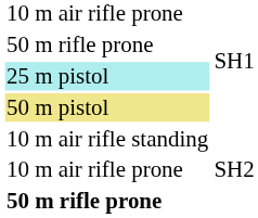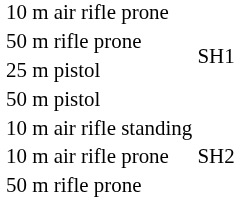 <table>
 <tr>
 <td>10 m air rifle prone<br></td>
 <td rowspan=4>SH1</td>
 <td></td>
 <td></td>
 <td></td>
 </tr>
 <tr>
 <td>50 m rifle prone<br></td>
 <td></td>
 <td></td>
 <td></td>
 </tr>
 <tr>
-<td style="background: paleturquoise;">25 m pistol<br></td>
+<td>25 m pistol<br></td>
 <td></td>
 <td></td>
 <td></td>
 </tr>
 <tr>
-<td style="background: khaki;">50 m pistol<br></td>
+<td>50 m pistol<br></td>
 <td></td>
 <td></td>
 <td></td>
 </tr>
 <tr>
 <td nowrap>10 m air rifle standing<br></td>
 <td rowspan=3>SH2</td>
 <td></td>
 <td></td>
 <td></td>
 </tr>
 <tr>
 <td>10 m air rifle prone<br></td>
 <td></td>
 <td></td>
 <td></td>
 </tr>
 <tr>
-<td><strong>50 m rifle prone<br></strong></td>
+<td>50 m rifle prone<br></td>
 <td></td>
 <td></td>
 <td></td>
 </tr>
 </table>
